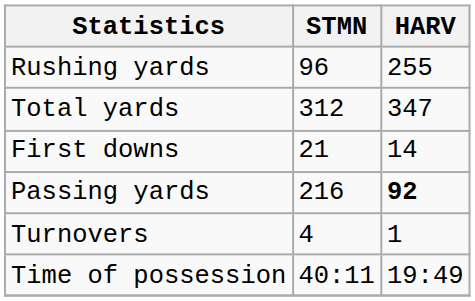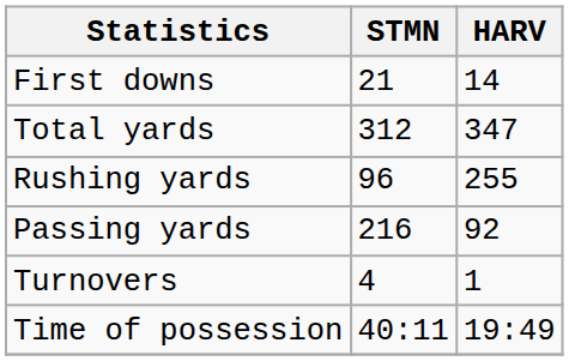 <table class="wikitable" style="float: left;">
 <tr>
 <th>Statistics</th>
 <th>STMN</th>
 <th>HARV</th>
 </tr>
 <tr>
-<td>Rushing yards</td>
-<td>96</td>
-<td>255</td>
+<td>First downs</td>
+<td>21</td>
+<td>14</td>
 </tr>
 <tr>
 <td>Total yards</td>
 <td>312</td>
 <td>347</td>
 </tr>
 <tr>
-<td>First downs</td>
-<td>21</td>
-<td>14</td>
+<td>Rushing yards</td>
+<td>96</td>
+<td>255</td>
 </tr>
 <tr>
 <td>Passing yards</td>
 <td>216</td>
-<td><strong>92</strong></td>
+<td>92</td>
 </tr>
 <tr>
 <td>Turnovers</td>
 <td>4</td>
 <td>1</td>
 </tr>
 <tr>
 <td>Time of possession</td>
 <td>40:11</td>
 <td>19:49</td>
 </tr>
 <tr>
 </tr>
 </table>
